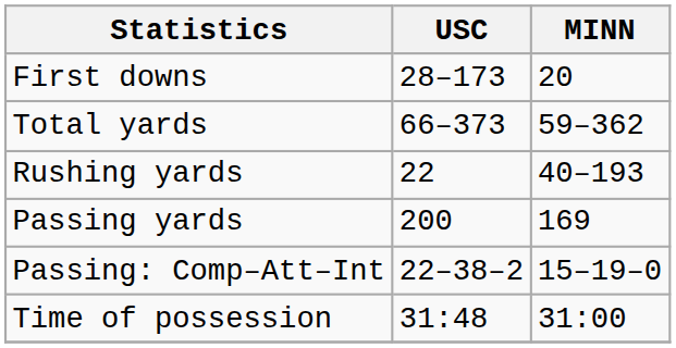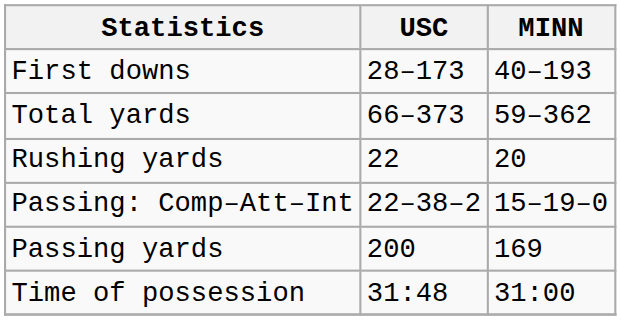 <table class="wikitable" style="float: left;">
 <tr>
 <th>Statistics</th>
 <th>USC</th>
 <th>MINN</th>
 </tr>
 <tr>
 <td>First downs</td>
 <td>28–173</td>
-<td>20</td>
+<td>40–193</td>
 </tr>
 <tr>
 <td>Total yards</td>
 <td>66–373</td>
 <td>59–362</td>
 </tr>
 <tr>
 <td>Rushing yards</td>
 <td>22</td>
-<td>40–193</td>
+<td>20</td>
+</tr>
+<tr>
+<td>Passing: Comp–Att–Int</td>
+<td>22–38–2</td>
+<td>15–19–0</td>
 </tr>
 <tr>
 <td>Passing yards</td>
 <td>200</td>
 <td>169</td>
-</tr>
-<tr>
-<td>Passing: Comp–Att–Int</td>
-<td>22–38–2</td>
-<td>15–19–0</td>
 </tr>
 <tr>
 <td>Time of possession</td>
 <td>31:48</td>
 <td>31:00</td>
 </tr>
 <tr>
 </tr>
 </table>
